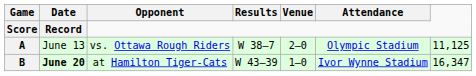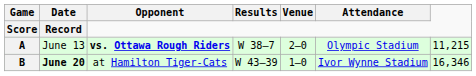 <table class="wikitable" style="text-align:center">
 <tr>
 <th scope="col">Game</th>
 <th scope="col">Date</th>
 <th scope="col">Opponent</th>
 <th scope="col">Results</th>
 <th scope="col">Venue</th>
 <th scope="col">Attendance</th>
 </tr>
 <tr>
 <th scope="col">Score</th>
 <th scope="col">Record</th>
 </tr>
 <tr style="background:#ddffdd">
 <th>A</th>
 <td>June 13</td>
-<td>vs. <a href='#'>Ottawa Rough Riders</a></td>
+<td><strong>vs. <a href='#'>Ottawa Rough Riders</a></strong></td>
 <td>W 38–7</td>
 <td>2–0</td>
 <td><a href='#'>Olympic Stadium</a></td>
-<td>11,125</td>
+<td>11,215</td>
 </tr>
 <tr style="background:#ddffdd">
 <th>B</th>
 <td><strong>June 20</strong></td>
 <td>at <a href='#'>Hamilton Tiger-Cats</a></td>
 <td>W 43–39</td>
 <td>1–0</td>
 <td><a href='#'>Ivor Wynne Stadium</a></td>
-<td>16,347</td>
+<td>16,346</td>
 </tr>
 </table>
